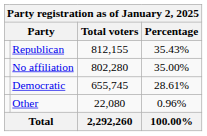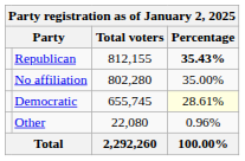 <table class=wikitable style="float:center">
 <tr>
 <th colspan = 6>Party registration as of January 2, 2025</th>
 </tr>
 <tr>
 <th colspan = 2>Party</th>
 <th>Total voters</th>
 <th>Percentage</th>
 </tr>
 <tr>
 <td></td>
 <td><a href='#'>Republican</a></td>
 <td align=center>812,155</td>
-<td align=center>35.43%</td>
+<td align=center><strong>35.43%</strong></td>
 </tr>
 <tr>
 <td></td>
 <td><a href='#'>No affiliation</a></td>
 <td align=center>802,280</td>
 <td align=center>35.00%</td>
 </tr>
 <tr>
 <td></td>
 <td><a href='#'>Democratic</a></td>
 <td align=center>655,745</td>
-<td align=center>28.61%</td>
+<td align=center style="background: lightyellow;">28.61%</td>
 </tr>
 <tr>
 <td></td>
 <td><a href='#'>Other</a></td>
 <td align=center>22,080</td>
 <td align=center>0.96%</td>
 </tr>
 <tr>
 <th colspan = 2>Total</th>
 <th align=center>2,292,260</th>
 <th align=center>100.00%</th>
 </tr>
 </table>
